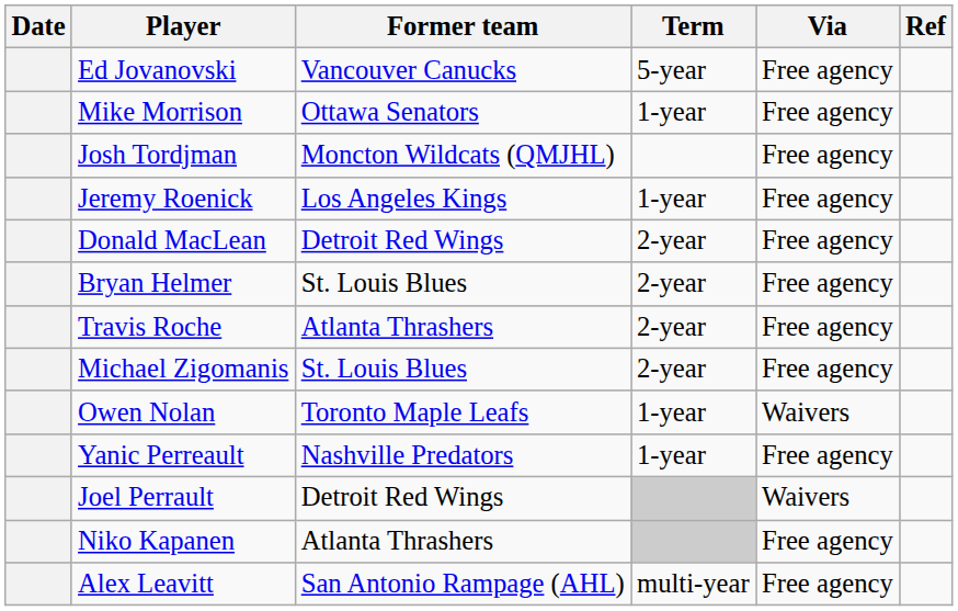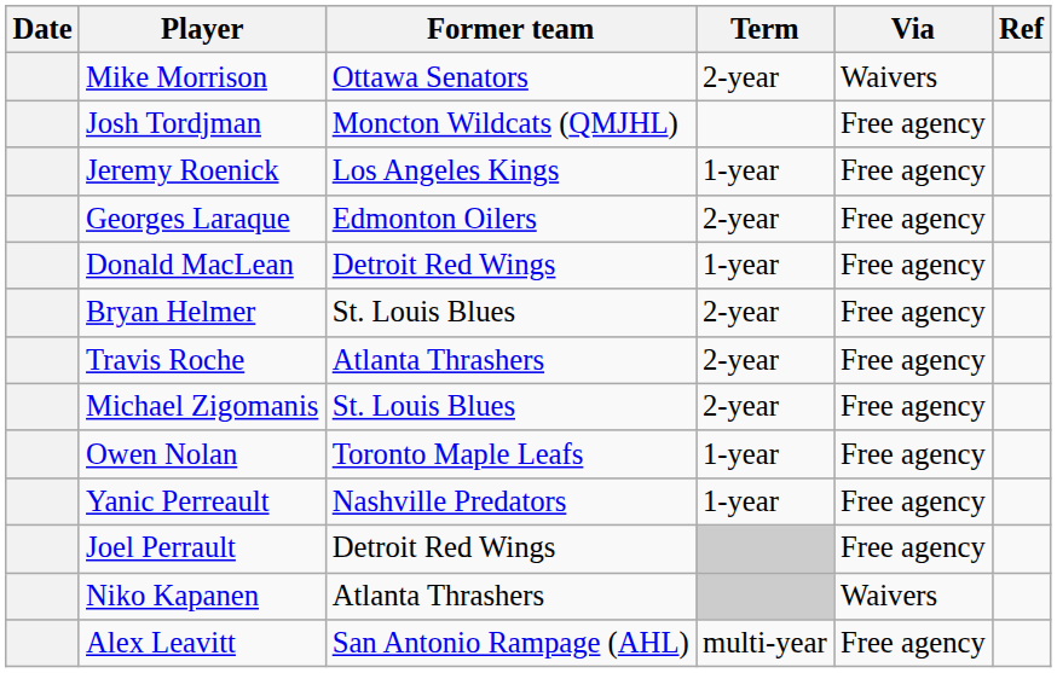 <table class="wikitable plainrowheaders">
 <tr style="background:#ddd; text-align:center;">
 <th>Date</th>
 <th>Player</th>
 <th>Former team</th>
 <th>Term</th>
 <th>Via</th>
 <th>Ref</th>
 </tr>
 <tr>
 <th scope="row"></th>
-<td><a href='#'>Ed Jovanovski</a></td>
-<td><a href='#'>Vancouver Canucks</a></td>
-<td>5-year</td>
-<td>Free agency</td>
-<td></td>
-</tr>
-<tr>
-<th scope="row"></th>
 <td><a href='#'>Mike Morrison</a></td>
 <td><a href='#'>Ottawa Senators</a></td>
-<td>1-year</td>
-<td>Free agency</td>
+<td>2-year</td>
+<td>Waivers</td>
 <td></td>
 </tr>
 <tr>
 <th scope="row"></th>
 <td><a href='#'>Josh Tordjman</a></td>
 <td><a href='#'>Moncton Wildcats</a> (<a href='#'>QMJHL</a>)</td>
 <td></td>
 <td>Free agency</td>
 <td></td>
 </tr>
 <tr>
 <th scope="row"></th>
 <td><a href='#'>Jeremy Roenick</a></td>
 <td><a href='#'>Los Angeles Kings</a></td>
 <td>1-year</td>
 <td>Free agency</td>
 <td></td>
 </tr>
 <tr>
 <th scope="row"></th>
+<td><a href='#'>Georges Laraque</a></td>
+<td><a href='#'>Edmonton Oilers</a></td>
+<td>2-year</td>
+<td>Free agency</td>
+<td></td>
+</tr>
+<tr>
+<th scope="row"></th>
 <td><a href='#'>Donald MacLean</a></td>
 <td><a href='#'>Detroit Red Wings</a></td>
-<td>2-year</td>
+<td>1-year</td>
 <td>Free agency</td>
 <td></td>
 </tr>
 <tr>
 <th scope="row"></th>
 <td><a href='#'>Bryan Helmer</a></td>
 <td>St. Louis Blues</td>
 <td>2-year</td>
 <td>Free agency</td>
 <td></td>
 </tr>
 <tr>
 <th scope="row"></th>
 <td><a href='#'>Travis Roche</a></td>
 <td><a href='#'>Atlanta Thrashers</a></td>
 <td>2-year</td>
 <td>Free agency</td>
 <td></td>
 </tr>
 <tr>
 <th scope="row"></th>
 <td><a href='#'>Michael Zigomanis</a></td>
 <td><a href='#'>St. Louis Blues</a></td>
 <td>2-year</td>
 <td>Free agency</td>
 <td></td>
 </tr>
 <tr>
 <th scope="row"></th>
 <td><a href='#'>Owen Nolan</a></td>
 <td><a href='#'>Toronto Maple Leafs</a></td>
 <td>1-year</td>
-<td>Waivers</td>
+<td>Free agency</td>
 <td></td>
 </tr>
 <tr>
 <th scope="row"></th>
 <td><a href='#'>Yanic Perreault</a></td>
 <td><a href='#'>Nashville Predators</a></td>
 <td>1-year</td>
 <td>Free agency</td>
 <td></td>
 </tr>
 <tr>
 <th scope="row"></th>
 <td><a href='#'>Joel Perrault</a></td>
 <td>Detroit Red Wings</td>
 <td style="background:#ccc"></td>
-<td>Waivers</td>
+<td>Free agency</td>
 <td></td>
 </tr>
 <tr>
 <th scope="row"></th>
 <td><a href='#'>Niko Kapanen</a></td>
 <td>Atlanta Thrashers</td>
 <td style="background:#ccc"></td>
-<td>Free agency</td>
+<td>Waivers</td>
 <td></td>
 </tr>
 <tr>
 <th scope="row"></th>
 <td><a href='#'>Alex Leavitt</a></td>
 <td><a href='#'>San Antonio Rampage</a> (<a href='#'>AHL</a>)</td>
 <td>multi-year</td>
 <td>Free agency</td>
 <td></td>
 </tr>
 </table>
